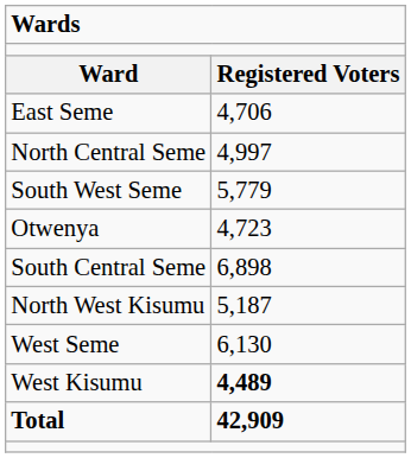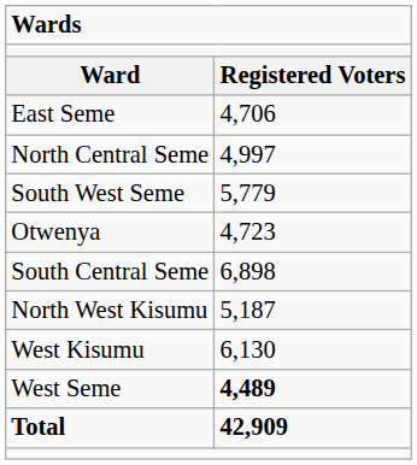 <table class="wikitable">
 <tr>
 <td colspan="2"><strong>Wards</strong></td>
 </tr>
 <tr>
 <td colspan="2"></td>
 </tr>
 <tr>
 <th>Ward</th>
 <th>Registered Voters</th>
 </tr>
 <tr>
 <td>East Seme</td>
 <td>4,706</td>
 </tr>
 <tr>
 <td>North Central Seme</td>
 <td>4,997</td>
 </tr>
 <tr>
 <td>South West Seme</td>
 <td>5,779</td>
 </tr>
 <tr>
 <td>Otwenya</td>
 <td>4,723</td>
 </tr>
 <tr>
 <td>South Central Seme</td>
 <td>6,898</td>
 </tr>
 <tr>
 <td>North West Kisumu</td>
 <td>5,187</td>
 </tr>
 <tr>
-<td>West Seme</td>
+<td>West Kisumu</td>
 <td>6,130</td>
 </tr>
 <tr>
-<td>West Kisumu</td>
+<td>West Seme</td>
 <td><strong>4,489</strong></td>
 </tr>
 <tr>
 <td><strong>Total</strong></td>
 <td><strong>42,909</strong></td>
 </tr>
 <tr>
 <td colspan="2"></td>
 </tr>
 </table>
